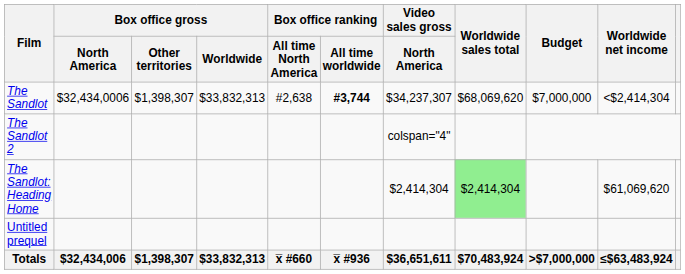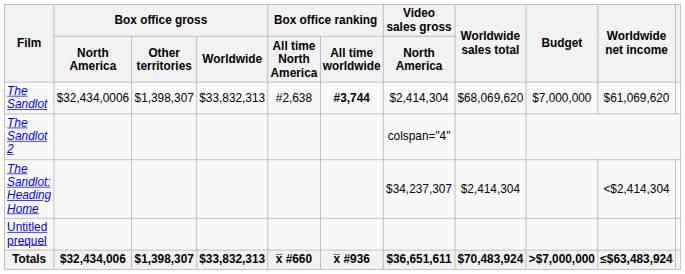 <table class="wikitable" width=80% border="1" style="text-align: center;">
 <tr>
 <th rowspan="2" style="width:16%;">Film</th>
 <th colspan="3">Box office gross</th>
 <th colspan="2">Box office ranking</th>
 <th>Video <br>sales gross</th>
 <th rowspan="2">Worldwide <br>sales total</th>
 <th rowspan="2">Budget</th>
 <th rowspan="2">Worldwide <br>net income</th>
 <th rowspan="2"></th>
 </tr>
 <tr>
 <th>North America</th>
 <th>Other territories</th>
 <th>Worldwide</th>
 <th>All time <br>North America</th>
 <th>All time <br>worldwide</th>
 <th>North America</th>
 </tr>
 <tr>
 <td style="text-align: left;"><em><a href='#'>The Sandlot</a></em></td>
 <td>$32,434,0006</td>
 <td>$1,398,307</td>
 <td>$33,832,313</td>
 <td>#2,638</td>
 <td><strong>#3,744</strong></td>
-<td>$34,237,307</td>
+<td>$2,414,304</td>
 <td>$68,069,620</td>
 <td>$7,000,000</td>
-<td><$2,414,304</td>
+<td>$61,069,620</td>
 <td></td>
 </tr>
 <tr>
 <td style="text-align: left;"><em><a href='#'>The Sandlot 2</a></em></td>
 <td></td>
 <td></td>
 <td></td>
 <td></td>
 <td></td>
 <td>colspan="4" </td>
 <td></td>
 </tr>
 <tr>
 <td style="text-align: left;"><em><a href='#'>The Sandlot: Heading Home</a></em></td>
 <td></td>
 <td></td>
 <td></td>
 <td></td>
 <td></td>
+<td>$34,237,307</td>
 <td>$2,414,304</td>
-<td style="background: lightgreen;">$2,414,304</td>
 <td></td>
-<td>$61,069,620</td>
+<td><$2,414,304</td>
 <td></td>
 </tr>
 <tr>
 <td style="text-align: left;"><a href='#'>Untitled prequel</a></td>
 <td></td>
 <td></td>
 <td></td>
 <td></td>
 <td></td>
 <td></td>
 <td></td>
 <td></td>
 <td></td>
 <td></td>
 </tr>
 <tr>
 <th>Totals</th>
 <th>$32,434,006</th>
 <th>$1,398,307</th>
 <th>$33,832,313</th>
 <th>x̅ #660</th>
 <th>x̅ #936</th>
 <th>$36,651,611</th>
 <th>$70,483,924</th>
 <th>>$7,000,000</th>
 <th>≤$63,483,924</th>
 <th></th>
 </tr>
 </table>
